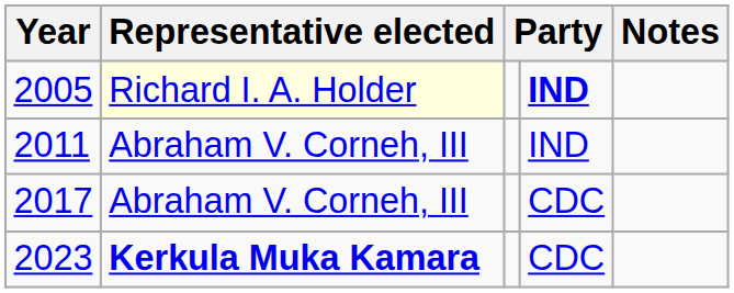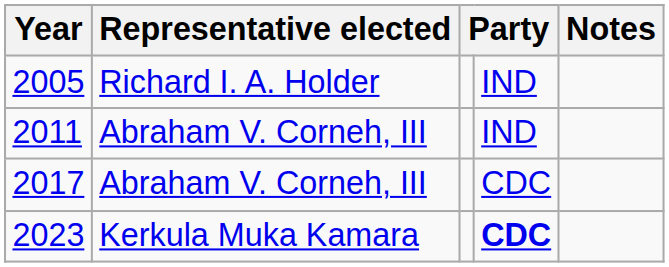 <table class="wikitable">
 <tr>
 <th>Year</th>
 <th>Representative elected</th>
 <th colspan=2>Party</th>
 <th>Notes</th>
 </tr>
 <tr>
 <td><a href='#'>2005</a></td>
-<td style="background: lightyellow;"><a href='#'>Richard I. A. Holder</a></td>
+<td><a href='#'>Richard I. A. Holder</a></td>
 <td></td>
-<td><strong><a href='#'>IND</a></strong></td>
+<td><a href='#'>IND</a></td>
 <td></td>
 </tr>
 <tr>
 <td><a href='#'>2011</a></td>
 <td><a href='#'>Abraham V. Corneh, III</a></td>
 <td></td>
 <td><a href='#'>IND</a></td>
 <td></td>
 </tr>
 <tr>
 <td><a href='#'>2017</a></td>
 <td><a href='#'>Abraham V. Corneh, III</a></td>
 <td></td>
 <td><a href='#'>CDC</a></td>
 <td></td>
 </tr>
 <tr>
 <td><a href='#'>2023</a></td>
-<td><strong><a href='#'>Kerkula Muka Kamara</a></strong></td>
+<td><a href='#'>Kerkula Muka Kamara</a></td>
 <td></td>
-<td><a href='#'>CDC</a></td>
+<td><strong><a href='#'>CDC</a></strong></td>
 <td></td>
 </tr>
 </table>
